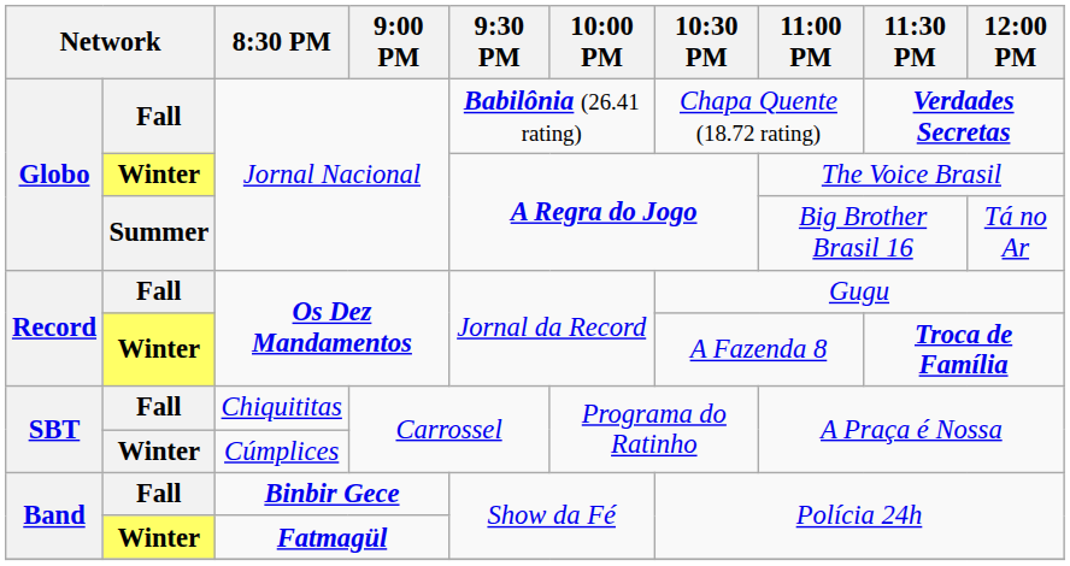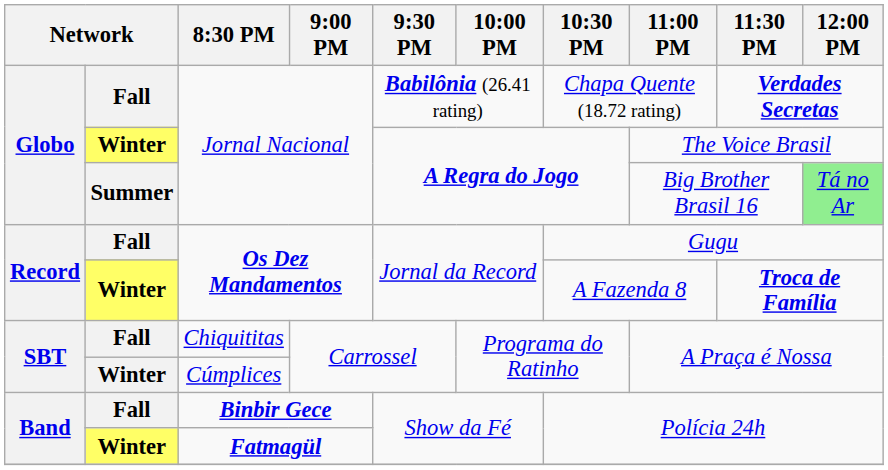 <table class="wikitable" style="width:100%;margin-right:0;text-align:center">
 <tr>
 <th colspan="2" style="width:13%;">Network</th>
 <th style="width:11%;">8:30 PM</th>
 <th style="width:11%;">9:00 PM</th>
 <th style="width:11%;">9:30 PM</th>
 <th style="width:11%;">10:00 PM</th>
 <th style="width:11%;">10:30 PM</th>
 <th style="width:11%;">11:00 PM</th>
 <th style="width:11%;">11:30 PM</th>
 <th style="width:11%;">12:00 PM</th>
 </tr>
 <tr>
 <th rowspan=3><a href='#'>Globo</a></th>
 <th>Fall</th>
 <td colspan=2 rowspan=3><em><a href='#'>Jornal Nacional</a></em></td>
 <td colspan=2><strong><em><a href='#'>Babilônia</a></em></strong> <small>(26.41 rating)</small></td>
 <td colspan=2><em><a href='#'>Chapa Quente</a></em> <small>(18.72 rating)</small></td>
 <td colspan=2><strong><em><a href='#'>Verdades Secretas</a></em></strong></td>
 </tr>
 <tr>
 <th style="background:#FFFF66;">Winter</th>
 <td colspan=3 rowspan=2><strong><em><a href='#'>A Regra do Jogo</a></em></strong></td>
 <td colspan=3><em><a href='#'>The Voice Brasil</a></em></td>
 </tr>
 <tr>
 <th>Summer</th>
 <td colspan=2><em><a href='#'>Big Brother Brasil 16</a></em></td>
-<td colspan=1><em><a href='#'>Tá no Ar</a></em></td>
+<td colspan=1 style="background: lightgreen;"><em><a href='#'>Tá no Ar</a></em></td>
 </tr>
 <tr>
 <th rowspan=2><a href='#'>Record</a></th>
 <th>Fall</th>
 <td colspan=2 rowspan=2><strong><em><a href='#'>Os Dez Mandamentos</a></em></strong></td>
 <td colspan=2 rowspan=2><em><a href='#'>Jornal da Record</a></em></td>
 <td colspan=4><em><a href='#'>Gugu</a></em></td>
 </tr>
 <tr>
 <th style="background:#FFFF66;">Winter</th>
 <td colspan=2><em><a href='#'>A Fazenda 8</a></em></td>
 <td colspan=2><strong><em><a href='#'>Troca de Família</a></em></strong></td>
 </tr>
 <tr>
 <th rowspan=2><a href='#'>SBT</a></th>
 <th>Fall</th>
 <td colspan=1><em><a href='#'>Chiquititas</a></em></td>
 <td colspan=2 rowspan=2><em><a href='#'>Carrossel</a></em></td>
 <td colspan=2 rowspan=2><em><a href='#'>Programa do Ratinho</a></em></td>
 <td colspan=3 rowspan=2><em><a href='#'>A Praça é Nossa</a></em></td>
 </tr>
 <tr>
 <th>Winter</th>
 <td colspan=1><em><a href='#'>Cúmplices</a></em></td>
 </tr>
 <tr>
 <th rowspan=2><a href='#'>Band</a></th>
 <th>Fall</th>
 <td colspan=2><strong><em><a href='#'>Binbir Gece</a></em></strong></td>
 <td colspan=2 rowspan=2><em><a href='#'>Show da Fé</a></em></td>
 <td colspan=4 rowspan=2><em><a href='#'>Polícia 24h</a></em></td>
 </tr>
 <tr>
 <th style="background:#FFFF66;">Winter</th>
 <td colspan=2><strong><em><a href='#'>Fatmagül</a></em></strong></td>
 </tr>
 <tr>
 </tr>
 </table>
